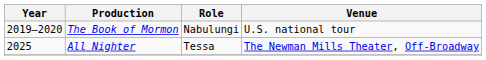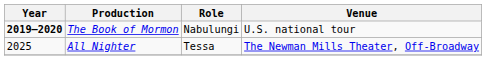 <table class="wikitable sortable">
 <tr>
 <th>Year</th>
 <th>Production</th>
 <th>Role</th>
 <th class="unsortable">Venue</th>
 </tr>
 <tr>
-<td>2019–2020</td>
+<td><strong>2019–2020</strong></td>
 <td><em><a href='#'>The Book of Mormon</a></em></td>
 <td>Nabulungi</td>
 <td>U.S. national tour</td>
 </tr>
 <tr>
 <td>2025</td>
 <td><em><a href='#'>All Nighter</a></em></td>
 <td>Tessa</td>
 <td><a href='#'>The Newman Mills Theater</a>, <a href='#'>Off-Broadway</a></td>
 </tr>
 <tr>
 </tr>
 </table>
